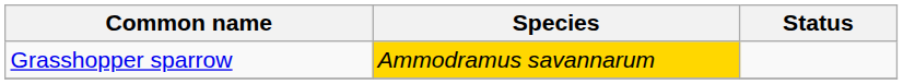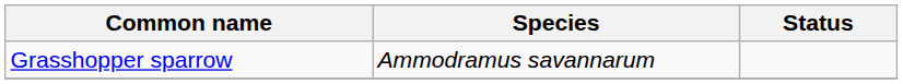 <table width=70% class="wikitable">
 <tr>
 <th width=20%>Common name</th>
 <th width=20%>Species</th>
 <th width=8%>Status</th>
 </tr>
 <tr>
 <td><a href='#'>Grasshopper sparrow</a></td>
-<td style="background: gold;"><em>Ammodramus savannarum</em></td>
+<td><em>Ammodramus savannarum</em></td>
 <td align=center></td>
 </tr>
 <tr>
 </tr>
 </table>
